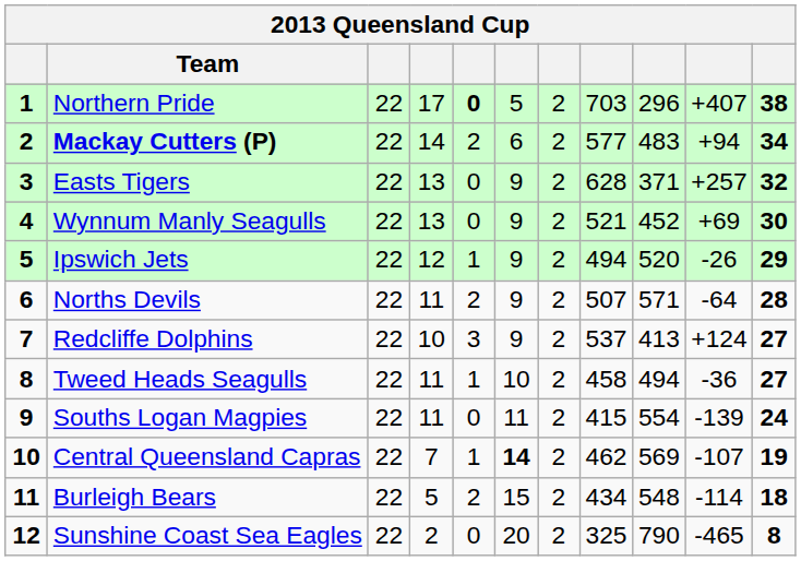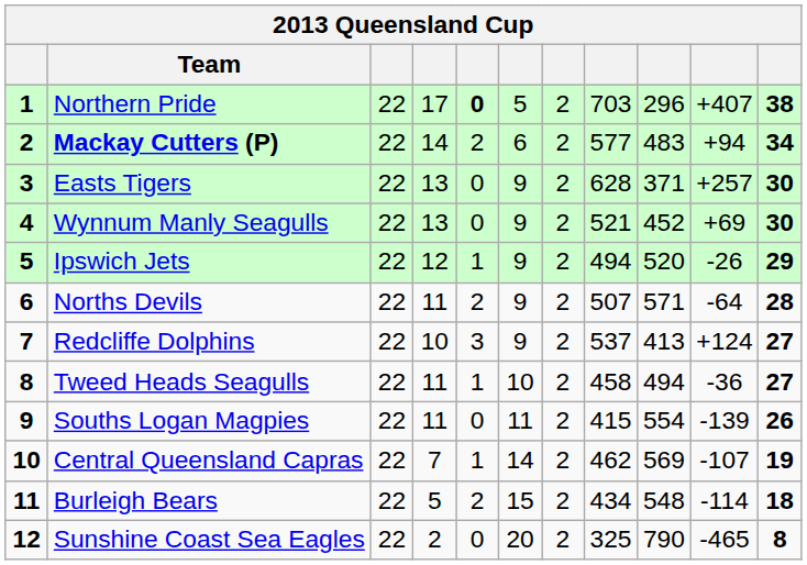 <table class="wikitable" style="text-align:center;">
 <tr>
 <th colspan="11">2013 Queensland Cup</th>
 </tr>
 <tr>
 <th width="20"></th>
 <th>Team</th>
 <th width="20"></th>
 <th width="20"></th>
 <th width="20"></th>
 <th width="20"></th>
 <th width="20"></th>
 <th width="25"></th>
 <th width="25"></th>
 <th width="30"></th>
 <th width="20"></th>
 </tr>
 <tr style="background: #ccffcc;">
 <td><strong>1</strong></td>
 <td style="text-align:left;"> <a href='#'>Northern Pride</a></td>
 <td>22</td>
 <td>17</td>
 <td><strong>0</strong></td>
 <td>5</td>
 <td>2</td>
 <td>703</td>
 <td>296</td>
 <td>+407</td>
 <td><strong>38</strong></td>
 </tr>
 <tr style="background: #ccffcc;">
 <td><strong>2</strong></td>
 <td style="text-align:left;"> <strong><a href='#'>Mackay Cutters</a> (P)</strong></td>
 <td>22</td>
 <td>14</td>
 <td>2</td>
 <td>6</td>
 <td>2</td>
 <td>577</td>
 <td>483</td>
 <td>+94</td>
 <td><strong>34</strong></td>
 </tr>
 <tr style="background: #ccffcc;">
 <td><strong>3</strong></td>
 <td style="text-align:left;"> <a href='#'>Easts Tigers</a></td>
 <td>22</td>
 <td>13</td>
 <td>0</td>
 <td>9</td>
 <td>2</td>
 <td>628</td>
 <td>371</td>
 <td>+257</td>
-<td><strong>32</strong></td>
+<td><strong>30</strong></td>
 </tr>
 <tr style="background: #ccffcc;">
 <td><strong>4</strong></td>
 <td style="text-align:left;"> <a href='#'>Wynnum Manly Seagulls</a></td>
 <td>22</td>
 <td>13</td>
 <td>0</td>
 <td>9</td>
 <td>2</td>
 <td>521</td>
 <td>452</td>
 <td>+69</td>
 <td><strong>30</strong></td>
 </tr>
 <tr style="background: #ccffcc;">
 <td><strong>5</strong></td>
 <td style="text-align:left;"> <a href='#'>Ipswich Jets</a></td>
 <td>22</td>
 <td>12</td>
 <td>1</td>
 <td>9</td>
 <td>2</td>
 <td>494</td>
 <td>520</td>
 <td>-26</td>
 <td><strong>29</strong></td>
 </tr>
 <tr style="background:">
 <td><strong>6</strong></td>
 <td style="text-align:left;"> <a href='#'>Norths Devils</a></td>
 <td>22</td>
 <td>11</td>
 <td>2</td>
 <td>9</td>
 <td>2</td>
 <td>507</td>
 <td>571</td>
 <td>-64</td>
 <td><strong>28</strong></td>
 </tr>
 <tr style="background:">
 <td><strong>7</strong></td>
 <td style="text-align:left;"> <a href='#'>Redcliffe Dolphins</a></td>
 <td>22</td>
 <td>10</td>
 <td>3</td>
 <td>9</td>
 <td>2</td>
 <td>537</td>
 <td>413</td>
 <td>+124</td>
 <td><strong>27</strong></td>
 </tr>
 <tr style="background:">
 <td><strong>8</strong></td>
 <td style="text-align:left;"> <a href='#'>Tweed Heads Seagulls</a></td>
 <td>22</td>
 <td>11</td>
 <td>1</td>
 <td>10</td>
 <td>2</td>
 <td>458</td>
 <td>494</td>
 <td>-36</td>
 <td><strong>27</strong></td>
 </tr>
 <tr style="background:">
 <td><strong>9</strong></td>
 <td style="text-align:left;"> <a href='#'>Souths Logan Magpies</a></td>
 <td>22</td>
 <td>11</td>
 <td>0</td>
 <td>11</td>
 <td>2</td>
 <td>415</td>
 <td>554</td>
 <td>-139</td>
-<td><strong>24</strong></td>
+<td><strong>26</strong></td>
 </tr>
 <tr style="background:">
 <td><strong>10</strong></td>
 <td style="text-align:left;"> <a href='#'>Central Queensland Capras</a></td>
 <td>22</td>
 <td>7</td>
 <td>1</td>
-<td><strong>14</strong></td>
+<td>14</td>
 <td>2</td>
 <td>462</td>
 <td>569</td>
 <td>-107</td>
 <td><strong>19</strong></td>
 </tr>
 <tr style="background:">
 <td><strong>11</strong></td>
 <td style="text-align:left;"> <a href='#'>Burleigh Bears</a></td>
 <td>22</td>
 <td>5</td>
 <td>2</td>
 <td>15</td>
 <td>2</td>
 <td>434</td>
 <td>548</td>
 <td>-114</td>
 <td><strong>18</strong></td>
 </tr>
 <tr style="background:">
 <td><strong>12</strong></td>
 <td style="text-align:left;"> <a href='#'>Sunshine Coast Sea Eagles</a></td>
 <td>22</td>
 <td>2</td>
 <td>0</td>
 <td>20</td>
 <td>2</td>
 <td>325</td>
 <td>790</td>
 <td>-465</td>
 <td><strong>8</strong></td>
 </tr>
 </table>
